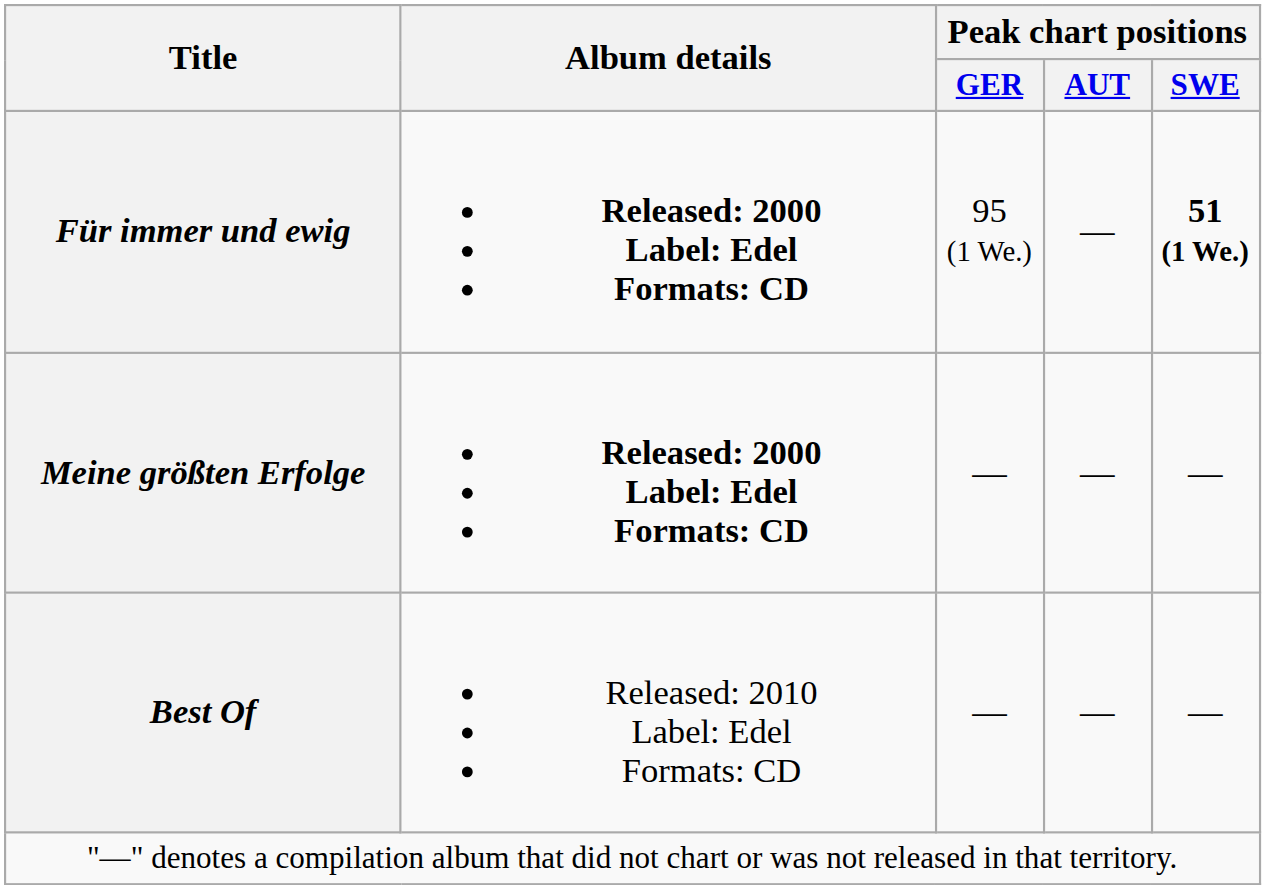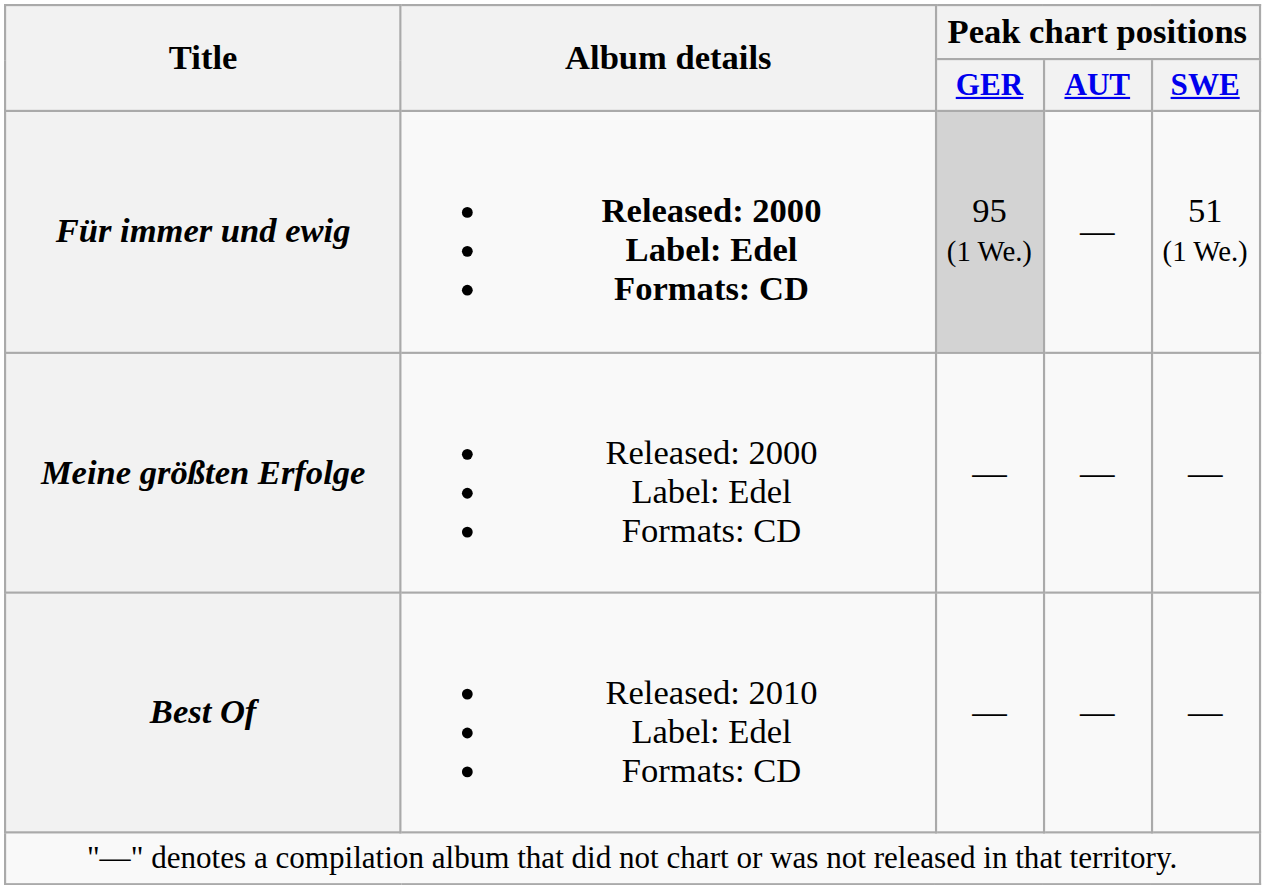 <table class="wikitable plainrowheaders" style="text-align:center;">
 <tr>
 <th scope="col" rowspan="2" style="width:11em;">Title</th>
 <th scope="col" rowspan="2" style="width:15em;">Album details</th>
 <th scope="col" colspan="3">Peak chart positions</th>
 </tr>
 <tr>
 <th style="width:3em;font-size:90%"><a href='#'>GER</a><br></th>
 <th style="width:3em;font-size:90%"><a href='#'>AUT</a><br></th>
 <th style="width:3em;font-size:90%"><a href='#'>SWE</a><br></th>
 </tr>
 <tr>
 <th scope="row"><em>Für immer und ewig</em></th>
 <td><strong><br><ul><li>Released: 2000 </li><li>Label: Edel</li><li>Formats: CD</li></ul></strong></td>
-<td>95<br><small>(1 We.)</small></td>
+<td style="background: lightgrey;">95<br><small>(1 We.)</small></td>
 <td>—</td>
-<td><strong>51<br><small>(1 We.)</small></strong></td>
+<td>51<br><small>(1 We.)</small></td>
 </tr>
 <tr>
 <th scope="row"><em>Meine größten Erfolge</em></th>
-<td><strong><br><ul><li>Released: 2000 </li><li>Label: Edel</li><li>Formats: CD</li></ul></strong></td>
+<td><br><ul><li>Released: 2000 </li><li>Label: Edel</li><li>Formats: CD</li></ul></td>
 <td>—</td>
 <td>—</td>
 <td>—</td>
 </tr>
 <tr>
 <th scope="row"><em>Best Of</em></th>
 <td><br><ul><li>Released: 2010 </li><li>Label: Edel</li><li>Formats: CD</li></ul></td>
 <td>—</td>
 <td>—</td>
 <td>—</td>
 </tr>
 <tr>
 <td colspan="15" style="font-size:90%">"—" denotes a compilation album that did not chart or was not released in that territory.</td>
 </tr>
 </table>
